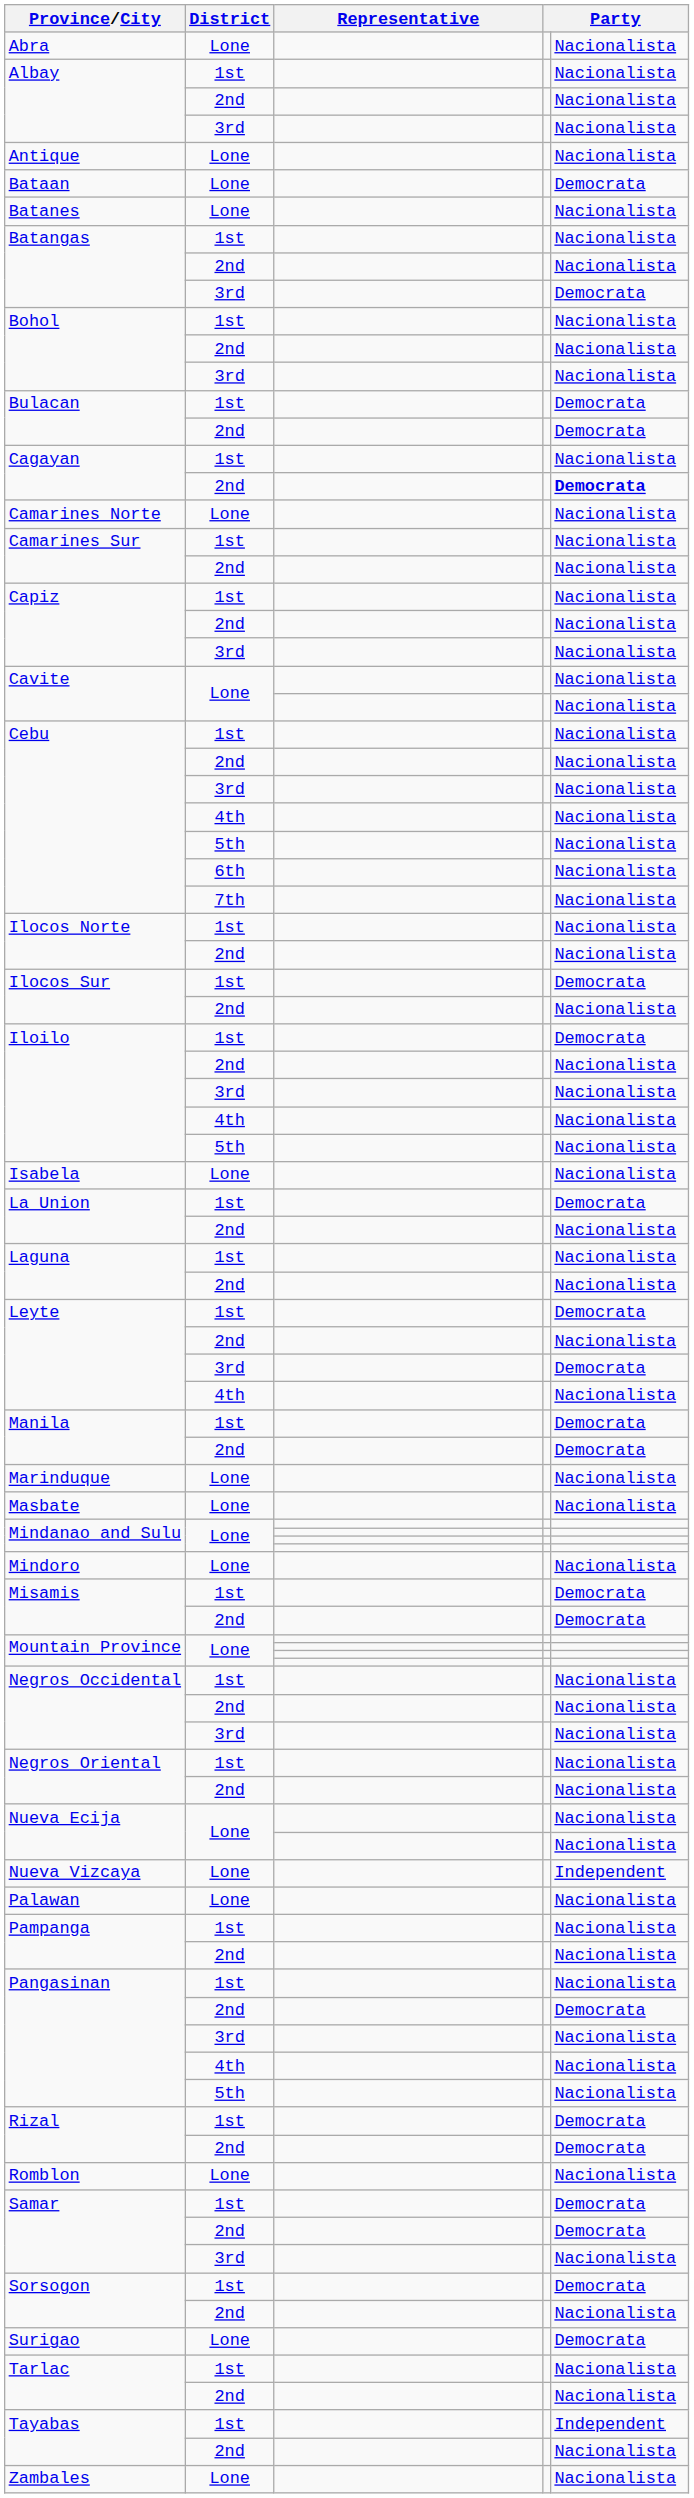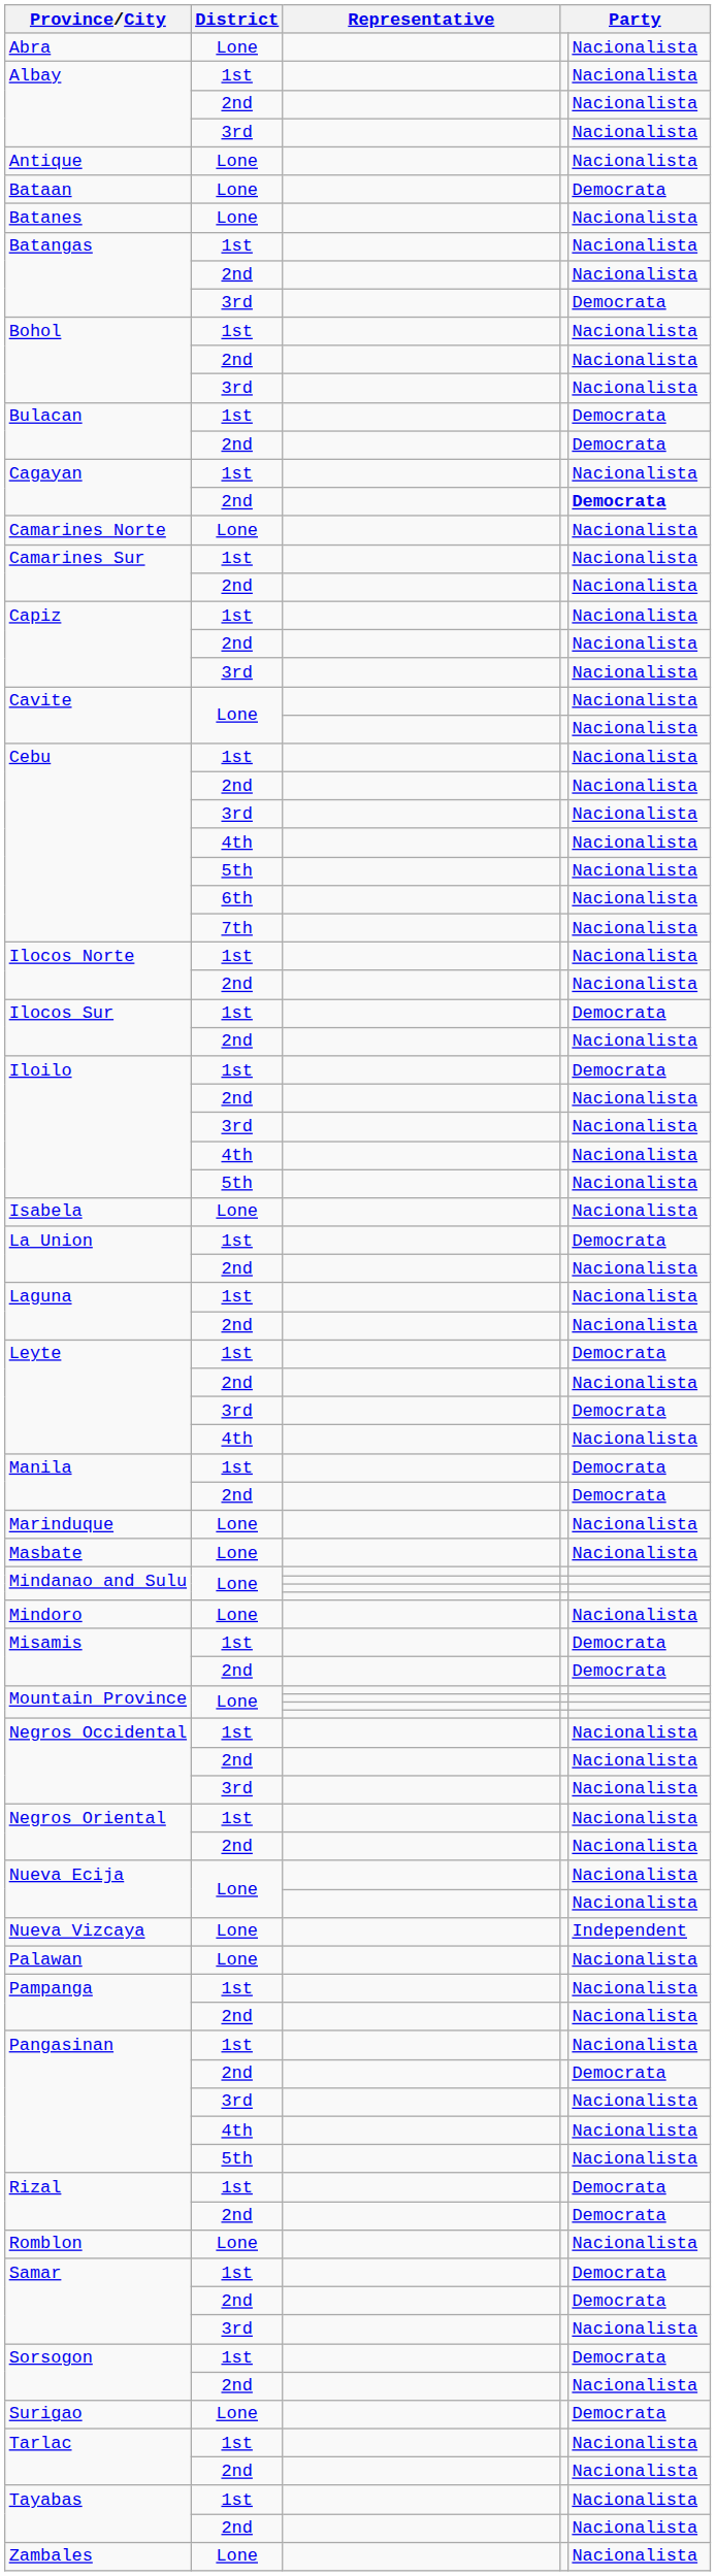 <table class="wikitable sortable">
 <tr>
 <th><a href='#'>Province</a>/<a href='#'>City</a></th>
 <th><a href='#'>District</a></th>
 <th width="200px"><a href='#'>Representative</a></th>
 <th colspan="2"><a href='#'>Party</a></th>
 </tr>
 <tr>
 <td valign="top"><a href='#'>Abra</a></td>
 <td align="center"><a href='#'>Lone</a></td>
 <td></td>
 <td></td>
 <td width="100px"><a href='#'>Nacionalista</a></td>
 </tr>
 <tr>
 <td rowspan="3" valign="top"><a href='#'>Albay</a></td>
 <td align="center"><a href='#'>1st</a></td>
 <td></td>
 <td></td>
 <td><a href='#'>Nacionalista</a></td>
 </tr>
 <tr>
 <td align="center"><a href='#'>2nd</a></td>
 <td></td>
 <td></td>
 <td><a href='#'>Nacionalista</a></td>
 </tr>
 <tr>
 <td align="center"><a href='#'>3rd</a></td>
 <td></td>
 <td></td>
 <td><a href='#'>Nacionalista</a></td>
 </tr>
 <tr>
 <td><a href='#'>Antique</a></td>
 <td align="center"><a href='#'>Lone</a></td>
 <td></td>
 <td></td>
 <td><a href='#'>Nacionalista</a></td>
 </tr>
 <tr>
 <td valign="top"><a href='#'>Bataan</a></td>
 <td align="center"><a href='#'>Lone</a></td>
 <td></td>
 <td></td>
 <td><a href='#'>Democrata</a></td>
 </tr>
 <tr>
 <td valign="top"><a href='#'>Batanes</a></td>
 <td align="center"><a href='#'>Lone</a></td>
 <td></td>
 <td></td>
 <td><a href='#'>Nacionalista</a></td>
 </tr>
 <tr>
 <td rowspan="3" valign="top"><a href='#'>Batangas</a></td>
 <td align="center"><a href='#'>1st</a></td>
 <td></td>
 <td></td>
 <td><a href='#'>Nacionalista</a></td>
 </tr>
 <tr>
 <td align="center"><a href='#'>2nd</a></td>
 <td></td>
 <td></td>
 <td><a href='#'>Nacionalista</a></td>
 </tr>
 <tr>
 <td align="center"><a href='#'>3rd</a></td>
 <td></td>
 <td></td>
 <td><a href='#'>Democrata</a></td>
 </tr>
 <tr>
 <td rowspan="3" valign="top"><a href='#'>Bohol</a></td>
 <td align="center"><a href='#'>1st</a></td>
 <td></td>
 <td></td>
 <td><a href='#'>Nacionalista</a></td>
 </tr>
 <tr>
 <td align="center"><a href='#'>2nd</a></td>
 <td></td>
 <td></td>
 <td><a href='#'>Nacionalista</a></td>
 </tr>
 <tr>
 <td align="center"><a href='#'>3rd</a></td>
 <td></td>
 <td></td>
 <td><a href='#'>Nacionalista</a></td>
 </tr>
 <tr>
 <td rowspan="2" valign="top"><a href='#'>Bulacan</a></td>
 <td align="center"><a href='#'>1st</a></td>
 <td></td>
 <td></td>
 <td><a href='#'>Democrata</a></td>
 </tr>
 <tr>
 <td align="center"><a href='#'>2nd</a></td>
 <td></td>
 <td></td>
 <td><a href='#'>Democrata</a></td>
 </tr>
 <tr>
 <td rowspan="2" valign="top"><a href='#'>Cagayan</a></td>
 <td align="center"><a href='#'>1st</a></td>
 <td></td>
 <td></td>
 <td><a href='#'>Nacionalista</a></td>
 </tr>
 <tr>
 <td align="center"><a href='#'>2nd</a></td>
 <td></td>
 <td></td>
 <td><strong><a href='#'>Democrata</a></strong></td>
 </tr>
 <tr>
 <td valign="top"><a href='#'>Camarines Norte</a></td>
 <td align="center"><a href='#'>Lone</a></td>
 <td></td>
 <td></td>
 <td><a href='#'>Nacionalista</a></td>
 </tr>
 <tr>
 <td rowspan="2"  valign="top"><a href='#'>Camarines Sur</a></td>
 <td align="center"><a href='#'>1st</a></td>
 <td></td>
 <td></td>
 <td><a href='#'>Nacionalista</a></td>
 </tr>
 <tr>
 <td align="center"><a href='#'>2nd</a></td>
 <td></td>
 <td></td>
 <td><a href='#'>Nacionalista</a></td>
 </tr>
 <tr>
 <td rowspan="3" valign="top"><a href='#'>Capiz</a></td>
 <td align="center"><a href='#'>1st</a></td>
 <td></td>
 <td></td>
 <td><a href='#'>Nacionalista</a></td>
 </tr>
 <tr>
 <td align="center"><a href='#'>2nd</a></td>
 <td></td>
 <td></td>
 <td><a href='#'>Nacionalista</a></td>
 </tr>
 <tr>
 <td align="center"><a href='#'>3rd</a></td>
 <td></td>
 <td></td>
 <td><a href='#'>Nacionalista</a></td>
 </tr>
 <tr>
 <td rowspan="2" valign="top"><a href='#'>Cavite</a></td>
 <td rowspan="2" align="center"><a href='#'>Lone</a></td>
 <td></td>
 <td></td>
 <td><a href='#'>Nacionalista</a></td>
 </tr>
 <tr>
 <td></td>
 <td></td>
 <td><a href='#'>Nacionalista</a></td>
 </tr>
 <tr>
 <td rowspan="7" valign="top"><a href='#'>Cebu</a></td>
 <td align="center"><a href='#'>1st</a></td>
 <td></td>
 <td></td>
 <td><a href='#'>Nacionalista</a></td>
 </tr>
 <tr>
 <td align="center"><a href='#'>2nd</a></td>
 <td></td>
 <td></td>
 <td><a href='#'>Nacionalista</a></td>
 </tr>
 <tr>
 <td align="center"><a href='#'>3rd</a></td>
 <td></td>
 <td></td>
 <td><a href='#'>Nacionalista</a></td>
 </tr>
 <tr>
 <td align="center"><a href='#'>4th</a></td>
 <td></td>
 <td></td>
 <td><a href='#'>Nacionalista</a></td>
 </tr>
 <tr>
 <td align="center"><a href='#'>5th</a></td>
 <td></td>
 <td></td>
 <td><a href='#'>Nacionalista</a></td>
 </tr>
 <tr>
 <td align="center"><a href='#'>6th</a></td>
 <td></td>
 <td></td>
 <td><a href='#'>Nacionalista</a></td>
 </tr>
 <tr>
 <td align="center"><a href='#'>7th</a></td>
 <td></td>
 <td></td>
 <td><a href='#'>Nacionalista</a></td>
 </tr>
 <tr>
 <td rowspan="2" valign="top"><a href='#'>Ilocos Norte</a></td>
 <td align="center"><a href='#'>1st</a></td>
 <td></td>
 <td></td>
 <td><a href='#'>Nacionalista</a></td>
 </tr>
 <tr>
 <td align="center"><a href='#'>2nd</a></td>
 <td></td>
 <td></td>
 <td><a href='#'>Nacionalista</a></td>
 </tr>
 <tr>
 <td rowspan="2" valign="top"><a href='#'>Ilocos Sur</a></td>
 <td align="center"><a href='#'>1st</a></td>
 <td></td>
 <td></td>
 <td><a href='#'>Democrata</a></td>
 </tr>
 <tr>
 <td align="center"><a href='#'>2nd</a></td>
 <td></td>
 <td></td>
 <td><a href='#'>Nacionalista</a></td>
 </tr>
 <tr>
 <td rowspan="5" valign="top"><a href='#'>Iloilo</a></td>
 <td align="center"><a href='#'>1st</a></td>
 <td></td>
 <td></td>
 <td><a href='#'>Democrata</a></td>
 </tr>
 <tr>
 <td align="center"><a href='#'>2nd</a></td>
 <td></td>
 <td></td>
 <td><a href='#'>Nacionalista</a></td>
 </tr>
 <tr>
 <td align="center"><a href='#'>3rd</a></td>
 <td></td>
 <td></td>
 <td><a href='#'>Nacionalista</a></td>
 </tr>
 <tr>
 <td align="center"><a href='#'>4th</a></td>
 <td></td>
 <td></td>
 <td><a href='#'>Nacionalista</a></td>
 </tr>
 <tr>
 <td align="center"><a href='#'>5th</a></td>
 <td></td>
 <td></td>
 <td><a href='#'>Nacionalista</a></td>
 </tr>
 <tr>
 <td valign="top"><a href='#'>Isabela</a></td>
 <td align="center"><a href='#'>Lone</a></td>
 <td></td>
 <td></td>
 <td><a href='#'>Nacionalista</a></td>
 </tr>
 <tr>
 <td rowspan="2" valign="top"><a href='#'>La Union</a></td>
 <td align="center"><a href='#'>1st</a></td>
 <td></td>
 <td></td>
 <td><a href='#'>Democrata</a></td>
 </tr>
 <tr>
 <td align="center"><a href='#'>2nd</a></td>
 <td></td>
 <td></td>
 <td><a href='#'>Nacionalista</a></td>
 </tr>
 <tr>
 <td rowspan="2" valign="top"><a href='#'>Laguna</a></td>
 <td align="center"><a href='#'>1st</a></td>
 <td></td>
 <td></td>
 <td><a href='#'>Nacionalista</a></td>
 </tr>
 <tr>
 <td align="center"><a href='#'>2nd</a></td>
 <td></td>
 <td></td>
 <td><a href='#'>Nacionalista</a></td>
 </tr>
 <tr>
 <td rowspan="4" valign="top"><a href='#'>Leyte</a></td>
 <td align="center"><a href='#'>1st</a></td>
 <td></td>
 <td></td>
 <td><a href='#'>Democrata</a></td>
 </tr>
 <tr>
 <td align="center"><a href='#'>2nd</a></td>
 <td></td>
 <td></td>
 <td><a href='#'>Nacionalista</a></td>
 </tr>
 <tr>
 <td align="center"><a href='#'>3rd</a></td>
 <td></td>
 <td></td>
 <td><a href='#'>Democrata</a></td>
 </tr>
 <tr>
 <td align="center"><a href='#'>4th</a></td>
 <td></td>
 <td></td>
 <td><a href='#'>Nacionalista</a></td>
 </tr>
 <tr>
 <td rowspan="2" valign="top"><a href='#'>Manila</a></td>
 <td align="center"><a href='#'>1st</a></td>
 <td></td>
 <td></td>
 <td><a href='#'>Democrata</a></td>
 </tr>
 <tr>
 <td align="center"><a href='#'>2nd</a></td>
 <td></td>
 <td></td>
 <td><a href='#'>Democrata</a></td>
 </tr>
 <tr>
 <td valign="top"><a href='#'>Marinduque</a></td>
 <td align="center"><a href='#'>Lone</a></td>
 <td></td>
 <td></td>
 <td><a href='#'>Nacionalista</a></td>
 </tr>
 <tr>
 <td valign="top"><a href='#'>Masbate</a></td>
 <td align="center"><a href='#'>Lone</a></td>
 <td></td>
 <td></td>
 <td><a href='#'>Nacionalista</a></td>
 </tr>
 <tr>
 <td rowspan="4" valign="top"><a href='#'>Mindanao and Sulu</a></td>
 <td rowspan="4" align="center"><a href='#'>Lone</a></td>
 <td></td>
 <td></td>
 <td></td>
 </tr>
 <tr>
 <td></td>
 <td></td>
 <td></td>
 </tr>
 <tr>
 <td></td>
 <td></td>
 <td></td>
 </tr>
 <tr>
 <td></td>
 <td></td>
 <td></td>
 </tr>
 <tr>
 <td valign="top"><a href='#'>Mindoro</a></td>
 <td align="center"><a href='#'>Lone</a></td>
 <td></td>
 <td></td>
 <td><a href='#'>Nacionalista</a></td>
 </tr>
 <tr>
 <td rowspan="2" valign="top"><a href='#'>Misamis</a></td>
 <td align="center"><a href='#'>1st</a></td>
 <td></td>
 <td></td>
 <td><a href='#'>Democrata</a></td>
 </tr>
 <tr>
 <td align="center"><a href='#'>2nd</a></td>
 <td></td>
 <td></td>
 <td><a href='#'>Democrata</a></td>
 </tr>
 <tr>
 <td rowspan="4" valign="top"><a href='#'>Mountain Province</a></td>
 <td rowspan="4" align="center"><a href='#'>Lone</a></td>
 <td></td>
 <td></td>
 <td></td>
 </tr>
 <tr>
 <td></td>
 <td></td>
 <td></td>
 </tr>
 <tr>
 <td></td>
 <td></td>
 <td></td>
 </tr>
 <tr>
 <td></td>
 <td></td>
 <td></td>
 </tr>
 <tr>
 <td rowspan="3" valign="top"><a href='#'>Negros Occidental</a></td>
 <td align="center"><a href='#'>1st</a></td>
 <td></td>
 <td></td>
 <td><a href='#'>Nacionalista</a></td>
 </tr>
 <tr>
 <td align="center"><a href='#'>2nd</a></td>
 <td></td>
 <td></td>
 <td><a href='#'>Nacionalista</a></td>
 </tr>
 <tr>
 <td align="center"><a href='#'>3rd</a></td>
 <td></td>
 <td></td>
 <td><a href='#'>Nacionalista</a></td>
 </tr>
 <tr>
 <td rowspan="2" valign="top"><a href='#'>Negros Oriental</a></td>
 <td align="center"><a href='#'>1st</a></td>
 <td></td>
 <td></td>
 <td><a href='#'>Nacionalista</a></td>
 </tr>
 <tr>
 <td align="center"><a href='#'>2nd</a></td>
 <td></td>
 <td></td>
 <td><a href='#'>Nacionalista</a></td>
 </tr>
 <tr>
 <td rowspan="2" valign="top"><a href='#'>Nueva Ecija</a></td>
 <td rowspan="2" align="center"><a href='#'>Lone</a></td>
 <td></td>
 <td></td>
 <td><a href='#'>Nacionalista</a></td>
 </tr>
 <tr>
 <td></td>
 <td></td>
 <td><a href='#'>Nacionalista</a></td>
 </tr>
 <tr>
 <td valign="top"><a href='#'>Nueva Vizcaya</a></td>
 <td align="center"><a href='#'>Lone</a></td>
 <td></td>
 <td bgcolor=></td>
 <td><a href='#'>Independent</a></td>
 </tr>
 <tr>
 <td valign="top"><a href='#'>Palawan</a></td>
 <td align="center"><a href='#'>Lone</a></td>
 <td></td>
 <td></td>
 <td><a href='#'>Nacionalista</a></td>
 </tr>
 <tr>
 <td rowspan="2" valign="top"><a href='#'>Pampanga</a></td>
 <td align="center"><a href='#'>1st</a></td>
 <td></td>
 <td></td>
 <td><a href='#'>Nacionalista</a></td>
 </tr>
 <tr>
 <td align="center"><a href='#'>2nd</a></td>
 <td></td>
 <td></td>
 <td><a href='#'>Nacionalista</a></td>
 </tr>
 <tr>
 <td rowspan="5" valign="top"><a href='#'>Pangasinan</a></td>
 <td align="center"><a href='#'>1st</a></td>
 <td></td>
 <td></td>
 <td><a href='#'>Nacionalista</a></td>
 </tr>
 <tr>
 <td align="center"><a href='#'>2nd</a></td>
 <td></td>
 <td></td>
 <td><a href='#'>Democrata</a></td>
 </tr>
 <tr>
 <td align="center"><a href='#'>3rd</a></td>
 <td></td>
 <td></td>
 <td><a href='#'>Nacionalista</a></td>
 </tr>
 <tr>
 <td align="center"><a href='#'>4th</a></td>
 <td></td>
 <td></td>
 <td><a href='#'>Nacionalista</a></td>
 </tr>
 <tr>
 <td align="center"><a href='#'>5th</a></td>
 <td></td>
 <td></td>
 <td><a href='#'>Nacionalista</a></td>
 </tr>
 <tr>
 <td rowspan="2" valign="top"><a href='#'>Rizal</a></td>
 <td align="center"><a href='#'>1st</a></td>
 <td></td>
 <td></td>
 <td><a href='#'>Democrata</a></td>
 </tr>
 <tr>
 <td align="center"><a href='#'>2nd</a></td>
 <td></td>
 <td></td>
 <td><a href='#'>Democrata</a></td>
 </tr>
 <tr>
 <td valign="top"><a href='#'>Romblon</a></td>
 <td align="center"><a href='#'>Lone</a></td>
 <td></td>
 <td></td>
 <td><a href='#'>Nacionalista</a></td>
 </tr>
 <tr>
 <td rowspan="3" valign="top"><a href='#'>Samar</a></td>
 <td align="center"><a href='#'>1st</a></td>
 <td></td>
 <td></td>
 <td><a href='#'>Democrata</a></td>
 </tr>
 <tr>
 <td align="center"><a href='#'>2nd</a></td>
 <td></td>
 <td></td>
 <td><a href='#'>Democrata</a></td>
 </tr>
 <tr>
 <td align="center"><a href='#'>3rd</a></td>
 <td></td>
 <td></td>
 <td><a href='#'>Nacionalista</a></td>
 </tr>
 <tr>
 <td rowspan="2" valign="top"><a href='#'>Sorsogon</a></td>
 <td align="center"><a href='#'>1st</a></td>
 <td></td>
 <td></td>
 <td><a href='#'>Democrata</a></td>
 </tr>
 <tr>
 <td align="center"><a href='#'>2nd</a></td>
 <td></td>
 <td></td>
 <td><a href='#'>Nacionalista</a></td>
 </tr>
 <tr>
 <td valign="top"><a href='#'>Surigao</a></td>
 <td align="center"><a href='#'>Lone</a></td>
 <td></td>
 <td></td>
 <td><a href='#'>Democrata</a></td>
 </tr>
 <tr>
 <td rowspan="2" valign="top"><a href='#'>Tarlac</a></td>
 <td align="center"><a href='#'>1st</a></td>
 <td></td>
 <td></td>
 <td><a href='#'>Nacionalista</a></td>
 </tr>
 <tr>
 <td align="center"><a href='#'>2nd</a></td>
 <td></td>
 <td></td>
 <td><a href='#'>Nacionalista</a></td>
 </tr>
 <tr>
 <td rowspan="2" valign="top"><a href='#'>Tayabas</a></td>
 <td align="center"><a href='#'>1st</a></td>
 <td></td>
 <td></td>
-<td><a href='#'>Independent</a></td>
+<td><a href='#'>Nacionalista</a></td>
 </tr>
 <tr>
 <td align="center"><a href='#'>2nd</a></td>
 <td></td>
 <td></td>
 <td><a href='#'>Nacionalista</a></td>
 </tr>
 <tr>
 <td valign="top"><a href='#'>Zambales</a></td>
 <td align="center"><a href='#'>Lone</a></td>
 <td></td>
 <td></td>
 <td><a href='#'>Nacionalista</a></td>
 </tr>
 </table>
